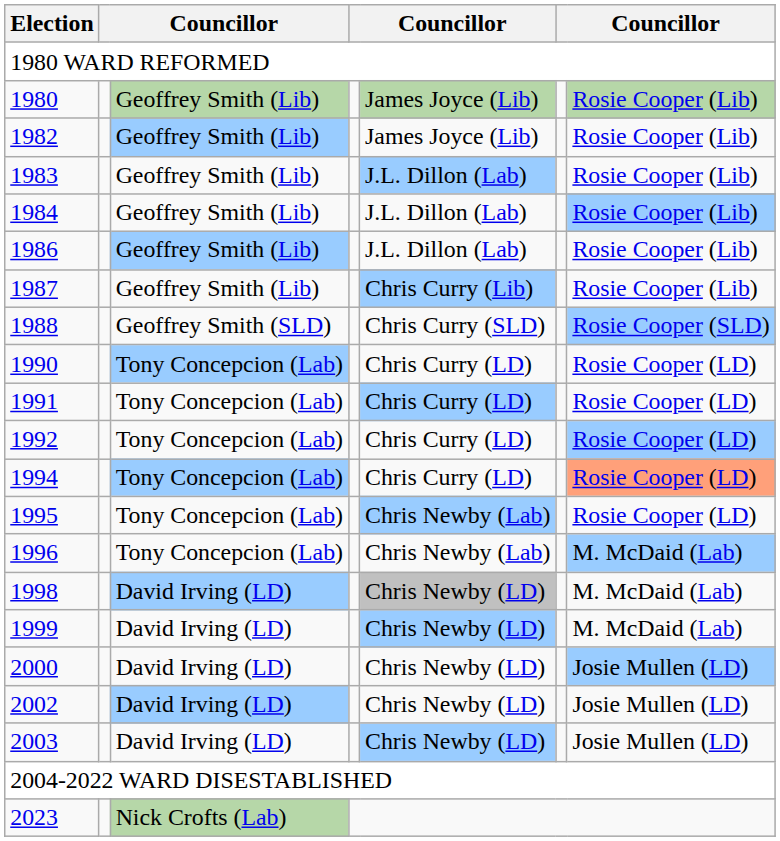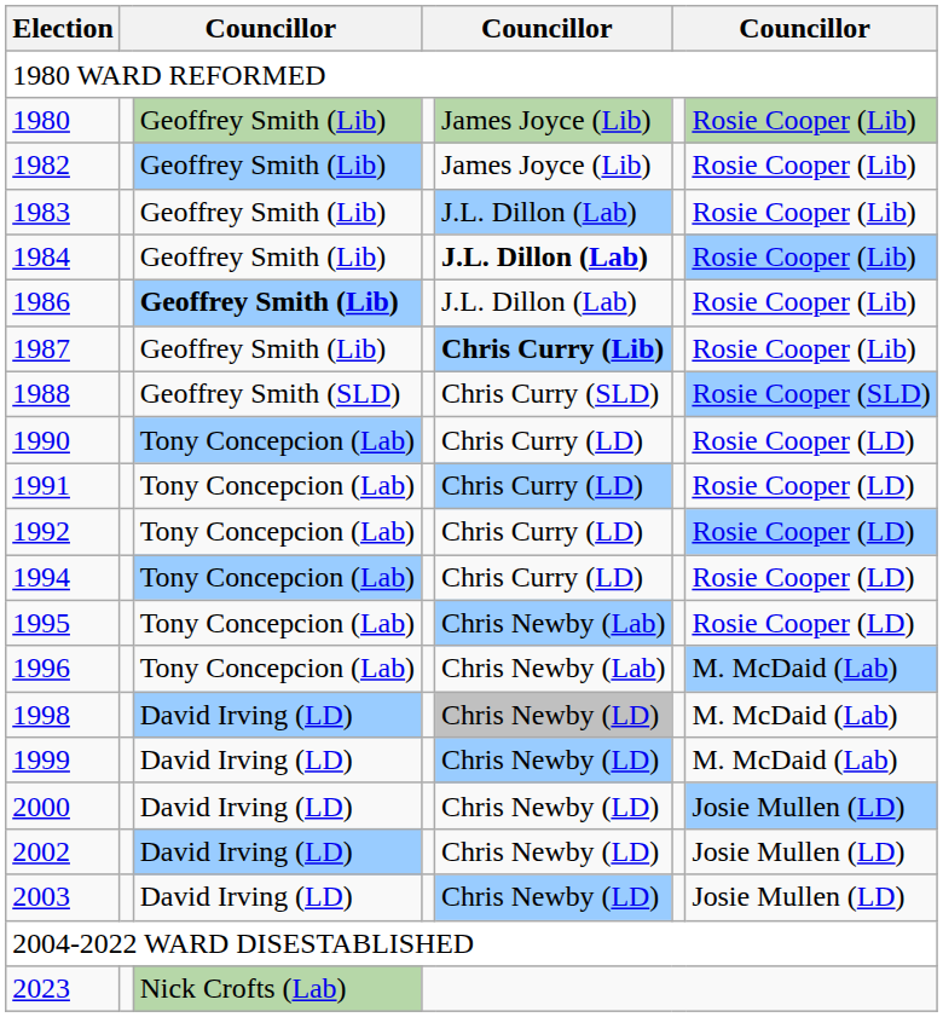 <table class="wikitable">
 <tr>
 <th>Election</th>
 <th colspan="2">Councillor</th>
 <th colspan="2">Councillor</th>
 <th colspan="2">Councillor</th>
 </tr>
 <tr>
 <td colspan="8" bgcolor="#FFF"><div>1980 WARD REFORMED</div></td>
 </tr>
 <tr>
 <td><a href='#'>1980</a></td>
 <td style="background-color: "></td>
 <td bgcolor="#B6D7A8">Geoffrey Smith (<a href='#'>Lib</a>)</td>
 <td style="background-color: "></td>
 <td bgcolor="#B6D7A8">James Joyce (<a href='#'>Lib</a>)</td>
 <td style="background-color: "></td>
 <td bgcolor="#B6D7A8"><a href='#'>Rosie Cooper</a> (<a href='#'>Lib</a>)</td>
 </tr>
 <tr>
 <td><a href='#'>1982</a></td>
 <td style="background-color: "></td>
 <td bgcolor="#99CCFF">Geoffrey Smith (<a href='#'>Lib</a>)</td>
 <td style="background-color: "></td>
 <td>James Joyce (<a href='#'>Lib</a>)</td>
 <td style="background-color: "></td>
 <td><a href='#'>Rosie Cooper</a> (<a href='#'>Lib</a>)</td>
 </tr>
 <tr>
 <td><a href='#'>1983</a></td>
 <td style="background-color: "></td>
 <td>Geoffrey Smith (<a href='#'>Lib</a>)</td>
 <td style="background-color: "></td>
 <td bgcolor="#99CCFF">J.L. Dillon (<a href='#'>Lab</a>)</td>
 <td style="background-color: "></td>
 <td><a href='#'>Rosie Cooper</a> (<a href='#'>Lib</a>)</td>
 </tr>
 <tr>
 <td><a href='#'>1984</a></td>
 <td style="background-color: "></td>
 <td>Geoffrey Smith (<a href='#'>Lib</a>)</td>
 <td style="background-color: "></td>
-<td>J.L. Dillon (<a href='#'>Lab</a>)</td>
+<td><strong>J.L. Dillon (<a href='#'>Lab</a>)</strong></td>
 <td style="background-color: "></td>
 <td bgcolor="#99CCFF"><a href='#'>Rosie Cooper</a> (<a href='#'>Lib</a>)</td>
 </tr>
 <tr>
 <td><a href='#'>1986</a></td>
 <td style="background-color: "></td>
-<td bgcolor="#99CCFF">Geoffrey Smith (<a href='#'>Lib</a>)</td>
+<td bgcolor="#99CCFF"><strong>Geoffrey Smith (<a href='#'>Lib</a>)</strong></td>
 <td style="background-color: "></td>
 <td>J.L. Dillon (<a href='#'>Lab</a>)</td>
 <td style="background-color: "></td>
 <td><a href='#'>Rosie Cooper</a> (<a href='#'>Lib</a>)</td>
 </tr>
 <tr>
 <td><a href='#'>1987</a></td>
 <td style="background-color: "></td>
 <td>Geoffrey Smith (<a href='#'>Lib</a>)</td>
 <td style="background-color: "></td>
-<td bgcolor="#99CCFF">Chris Curry (<a href='#'>Lib</a>)</td>
+<td bgcolor="#99CCFF"><strong>Chris Curry (<a href='#'>Lib</a>)</strong></td>
 <td style="background-color: "></td>
 <td><a href='#'>Rosie Cooper</a> (<a href='#'>Lib</a>)</td>
 </tr>
 <tr>
 <td><a href='#'>1988</a></td>
 <td style="background-color: "></td>
 <td>Geoffrey Smith (<a href='#'>SLD</a>)</td>
 <td style="background-color: "></td>
 <td>Chris Curry (<a href='#'>SLD</a>)</td>
 <td style="background-color: "></td>
 <td bgcolor="#99CCFF"><a href='#'>Rosie Cooper</a> (<a href='#'>SLD</a>)</td>
 </tr>
 <tr>
 <td><a href='#'>1990</a></td>
 <td style="background-color: "></td>
 <td bgcolor="#99CCFF">Tony Concepcion (<a href='#'>Lab</a>)</td>
 <td style="background-color: "></td>
 <td>Chris Curry (<a href='#'>LD</a>)</td>
 <td style="background-color: "></td>
 <td><a href='#'>Rosie Cooper</a> (<a href='#'>LD</a>)</td>
 </tr>
 <tr>
 <td><a href='#'>1991</a></td>
 <td style="background-color: "></td>
 <td>Tony Concepcion (<a href='#'>Lab</a>)</td>
 <td style="background-color: "></td>
 <td bgcolor="#99CCFF">Chris Curry (<a href='#'>LD</a>)</td>
 <td style="background-color: "></td>
 <td><a href='#'>Rosie Cooper</a> (<a href='#'>LD</a>)</td>
 </tr>
 <tr>
 <td><a href='#'>1992</a></td>
 <td style="background-color: "></td>
 <td>Tony Concepcion (<a href='#'>Lab</a>)</td>
 <td style="background-color: "></td>
 <td>Chris Curry (<a href='#'>LD</a>)</td>
 <td style="background-color: "></td>
 <td bgcolor="#99CCFF"><a href='#'>Rosie Cooper</a> (<a href='#'>LD</a>)</td>
 </tr>
 <tr>
 <td><a href='#'>1994</a></td>
 <td style="background-color: "></td>
 <td bgcolor="#99CCFF">Tony Concepcion (<a href='#'>Lab</a>)</td>
 <td style="background-color: "></td>
 <td>Chris Curry (<a href='#'>LD</a>)</td>
 <td style="background-color: "></td>
-<td style="background: lightsalmon;"><a href='#'>Rosie Cooper</a> (<a href='#'>LD</a>)</td>
+<td><a href='#'>Rosie Cooper</a> (<a href='#'>LD</a>)</td>
 </tr>
 <tr>
 <td><a href='#'>1995</a></td>
 <td style="background-color: "></td>
 <td>Tony Concepcion (<a href='#'>Lab</a>)</td>
 <td style="background-color: "></td>
 <td bgcolor="#99CCFF">Chris Newby (<a href='#'>Lab</a>)</td>
 <td style="background-color: "></td>
 <td><a href='#'>Rosie Cooper</a> (<a href='#'>LD</a>)</td>
 </tr>
 <tr>
 <td><a href='#'>1996</a></td>
 <td style="background-color: "></td>
 <td>Tony Concepcion (<a href='#'>Lab</a>)</td>
 <td style="background-color: "></td>
 <td>Chris Newby (<a href='#'>Lab</a>)</td>
 <td style="background-color: "></td>
 <td bgcolor="#99CCFF">M. McDaid (<a href='#'>Lab</a>)</td>
 </tr>
 <tr>
 <td><a href='#'>1998</a></td>
 <td style="background-color: "></td>
 <td bgcolor="#99CCFF">David Irving (<a href='#'>LD</a>)</td>
 <td style="background-color: "></td>
 <td bgcolor="#C0C0C0">Chris Newby (<a href='#'>LD</a>)</td>
 <td style="background-color: "></td>
 <td>M. McDaid (<a href='#'>Lab</a>)</td>
 </tr>
 <tr>
 <td><a href='#'>1999</a></td>
 <td style="background-color: "></td>
 <td>David Irving (<a href='#'>LD</a>)</td>
 <td style="background-color: "></td>
 <td bgcolor="#99CCFF">Chris Newby (<a href='#'>LD</a>)</td>
 <td style="background-color: "></td>
 <td>M. McDaid (<a href='#'>Lab</a>)</td>
 </tr>
 <tr>
 <td><a href='#'>2000</a></td>
 <td style="background-color: "></td>
 <td>David Irving (<a href='#'>LD</a>)</td>
 <td style="background-color: "></td>
 <td>Chris Newby (<a href='#'>LD</a>)</td>
 <td style="background-color: "></td>
 <td bgcolor="#99CCFF">Josie Mullen (<a href='#'>LD</a>)</td>
 </tr>
 <tr>
 <td><a href='#'>2002</a></td>
 <td style="background-color: "></td>
 <td bgcolor="#99CCFF">David Irving (<a href='#'>LD</a>)</td>
 <td style="background-color: "></td>
 <td>Chris Newby (<a href='#'>LD</a>)</td>
 <td style="background-color: "></td>
 <td>Josie Mullen (<a href='#'>LD</a>)</td>
 </tr>
 <tr>
 <td><a href='#'>2003</a></td>
 <td style="background-color: "></td>
 <td>David Irving (<a href='#'>LD</a>)</td>
 <td style="background-color: "></td>
 <td bgcolor="#99CCFF">Chris Newby (<a href='#'>LD</a>)</td>
 <td style="background-color: "></td>
 <td>Josie Mullen (<a href='#'>LD</a>)</td>
 </tr>
 <tr>
 <td colspan="8" bgcolor="#FFF"><div>2004-2022 WARD DISESTABLISHED</div></td>
 </tr>
 <tr>
 <td><a href='#'>2023</a></td>
 <td style="background-color: "></td>
 <td bgcolor="#B6D7A8">Nick Crofts (<a href='#'>Lab</a>)</td>
 </tr>
 </table>
